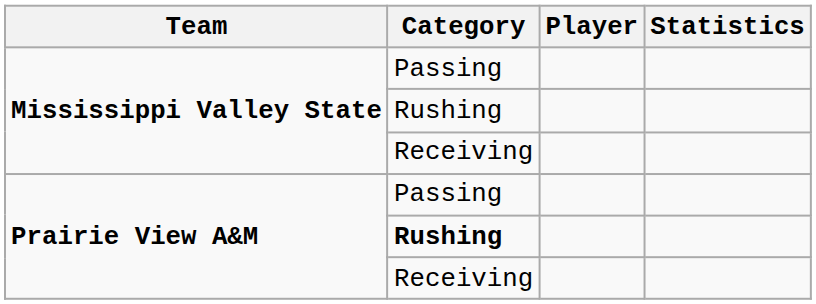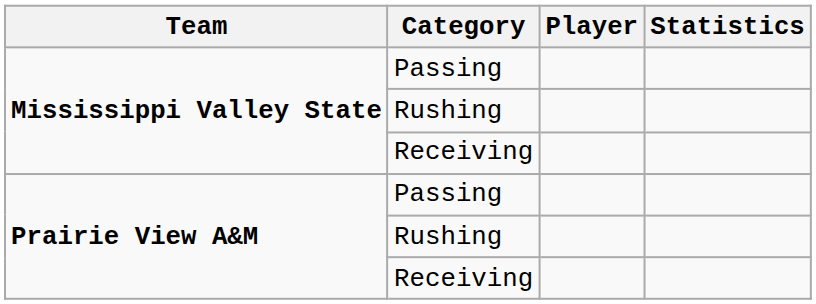 <table class="wikitable" style="float: left;">
 <tr>
 <th>Team</th>
 <th>Category</th>
 <th>Player</th>
 <th>Statistics</th>
 </tr>
 <tr>
 <td rowspan=3><strong>Mississippi Valley State</strong></td>
 <td>Passing</td>
 <td> </td>
 <td> </td>
 </tr>
 <tr>
 <td>Rushing</td>
 <td> </td>
 <td> </td>
 </tr>
 <tr>
 <td>Receiving</td>
 <td> </td>
 <td> </td>
 </tr>
 <tr>
 <td rowspan=3><strong>Prairie View A&M</strong></td>
 <td>Passing</td>
 <td> </td>
 <td> </td>
 </tr>
 <tr>
-<td><strong>Rushing</strong></td>
+<td>Rushing</td>
 <td> </td>
 <td> </td>
 </tr>
 <tr>
 <td>Receiving</td>
 <td> </td>
 <td> </td>
 </tr>
 </table>
